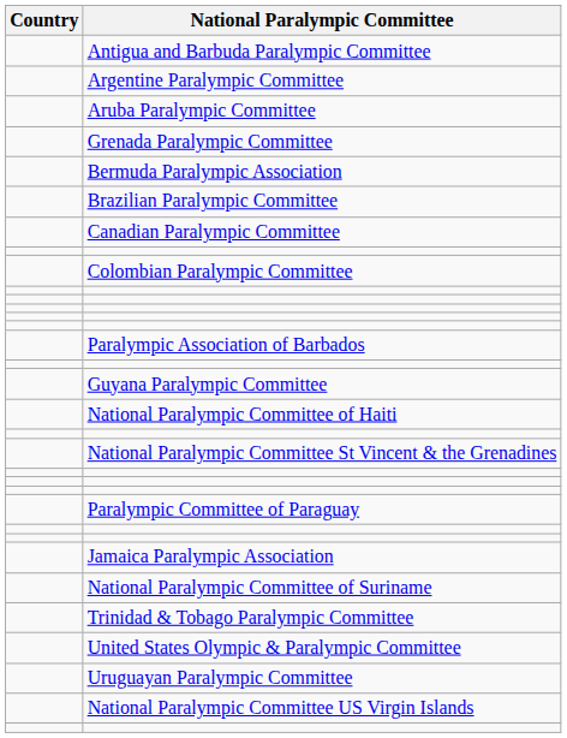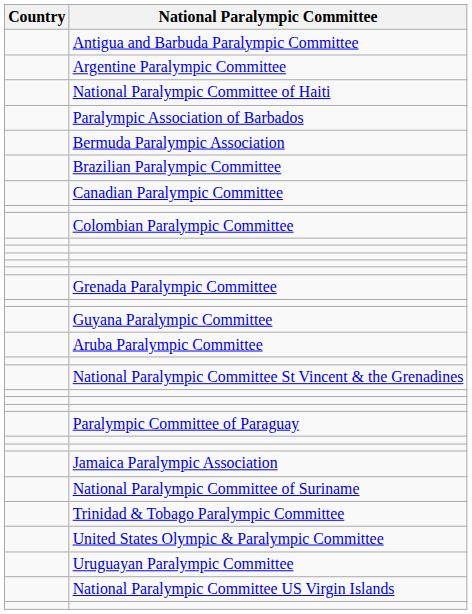 <table class="wikitable">
 <tr>
 <th>Country</th>
 <th>National Paralympic Committee</th>
 </tr>
 <tr>
 <td></td>
 <td><a href='#'>Antigua and Barbuda Paralympic Committee</a></td>
 </tr>
 <tr>
 <td></td>
 <td><a href='#'>Argentine Paralympic Committee</a></td>
 </tr>
 <tr>
 <td></td>
-<td><a href='#'>Aruba Paralympic Committee</a></td>
+<td><a href='#'>National Paralympic Committee of Haiti</a></td>
 </tr>
 <tr>
 <td></td>
-<td><a href='#'>Grenada Paralympic Committee</a></td>
+<td><a href='#'>Paralympic Association of Barbados</a></td>
 </tr>
 <tr>
 <td></td>
 <td><a href='#'>Bermuda Paralympic Association</a></td>
 </tr>
 <tr>
 <td></td>
 <td><a href='#'>Brazilian Paralympic Committee</a></td>
 </tr>
 <tr>
 <td></td>
 <td><a href='#'>Canadian Paralympic Committee</a></td>
 </tr>
 <tr>
 <td></td>
 <td></td>
 </tr>
 <tr>
 <td></td>
 <td><a href='#'>Colombian Paralympic Committee</a></td>
 </tr>
 <tr>
 <td></td>
 <td></td>
 </tr>
 <tr>
 <td></td>
 <td></td>
 </tr>
 <tr>
 <td></td>
 <td></td>
 </tr>
 <tr>
 <td></td>
 <td></td>
 </tr>
 <tr>
 <td></td>
 <td></td>
 </tr>
 <tr>
 <td></td>
-<td><a href='#'>Paralympic Association of Barbados</a></td>
+<td><a href='#'>Grenada Paralympic Committee</a></td>
 </tr>
 <tr>
 <td></td>
 <td></td>
 </tr>
 <tr>
 <td></td>
 <td><a href='#'>Guyana Paralympic Committee</a></td>
 </tr>
 <tr>
 <td></td>
-<td><a href='#'>National Paralympic Committee of Haiti</a></td>
+<td><a href='#'>Aruba Paralympic Committee</a></td>
 </tr>
 <tr>
 <td></td>
 <td></td>
 </tr>
 <tr>
 <td></td>
 <td><a href='#'>National Paralympic Committee St Vincent & the Grenadines</a></td>
 </tr>
 <tr>
 <td></td>
 <td></td>
 </tr>
 <tr>
 <td></td>
 <td></td>
 </tr>
 <tr>
 <td></td>
 <td></td>
 </tr>
 <tr>
 <td></td>
 <td><a href='#'>Paralympic Committee of Paraguay</a></td>
 </tr>
 <tr>
 <td></td>
 <td></td>
 </tr>
 <tr>
 <td></td>
 <td></td>
 </tr>
 <tr>
 <td></td>
 <td><a href='#'>Jamaica Paralympic Association</a></td>
 </tr>
 <tr>
 <td></td>
 <td><a href='#'>National Paralympic Committee of Suriname</a></td>
 </tr>
 <tr>
 <td></td>
 <td><a href='#'>Trinidad & Tobago Paralympic Committee</a></td>
 </tr>
 <tr>
 <td></td>
 <td><a href='#'>United States Olympic & Paralympic Committee</a></td>
 </tr>
 <tr>
 <td></td>
 <td><a href='#'>Uruguayan Paralympic Committee</a></td>
 </tr>
 <tr>
 <td></td>
 <td><a href='#'>National Paralympic Committee US Virgin Islands</a></td>
 </tr>
 <tr>
 <td></td>
 <td></td>
 </tr>
 </table>
